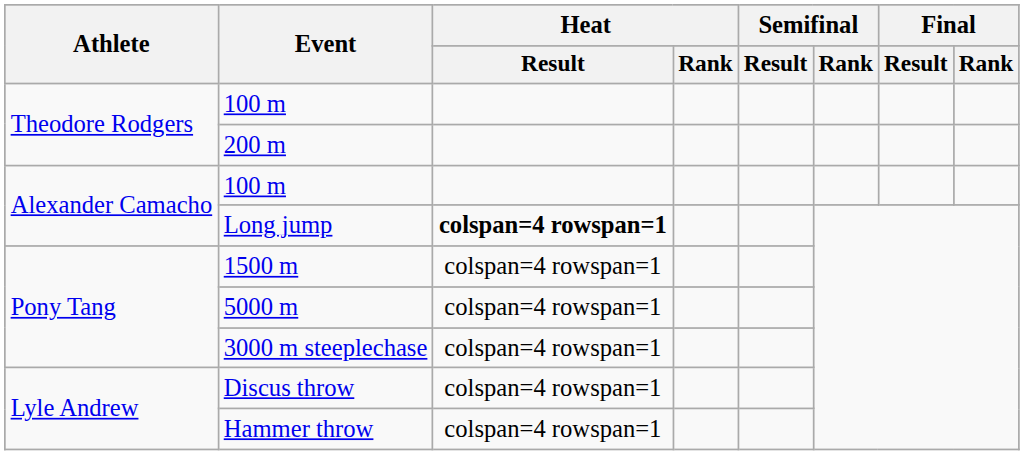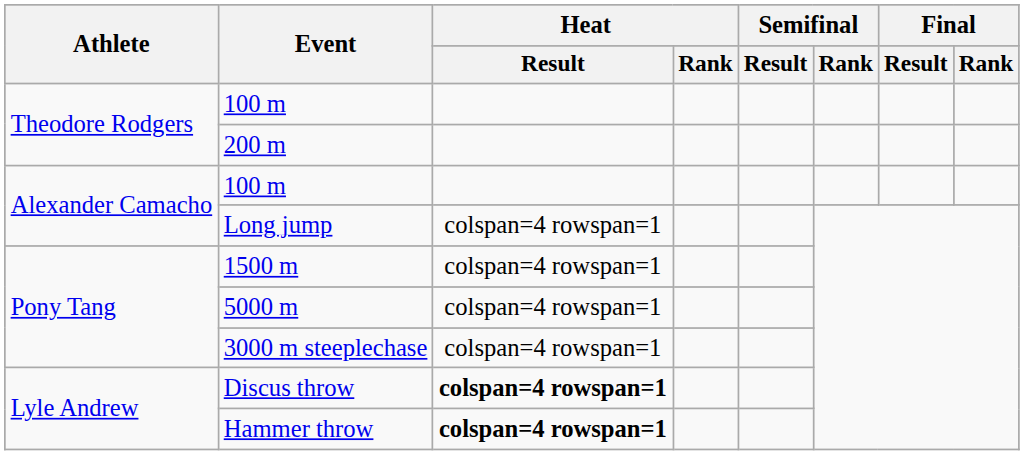 <table class="wikitable" style="font-size:90%">
 <tr>
 <th rowspan="2">Athlete</th>
 <th rowspan="2">Event</th>
 <th colspan="2">Heat</th>
 <th colspan="2">Semifinal</th>
 <th colspan="2">Final</th>
 </tr>
 <tr style="font-size:95%">
 <th>Result</th>
 <th>Rank</th>
 <th>Result</th>
 <th>Rank</th>
 <th>Result</th>
 <th>Rank</th>
 </tr>
 <tr style=text-align:center>
 <td style=text-align:left rowspan=2><a href='#'>Theodore Rodgers</a></td>
 <td style=text-align:left><a href='#'>100 m</a></td>
 <td></td>
 <td></td>
 <td></td>
 <td></td>
 <td></td>
 <td></td>
 </tr>
 <tr style=text-align:center>
 <td style=text-align:left><a href='#'>200 m</a></td>
 <td></td>
 <td></td>
 <td></td>
 <td></td>
 <td></td>
 <td></td>
 </tr>
 <tr style=text-align:center>
 <td style=text-align:left rowspan=2><a href='#'>Alexander Camacho</a></td>
 <td style=text-align:left><a href='#'>100 m</a></td>
 <td></td>
 <td></td>
 <td></td>
 <td></td>
 <td></td>
 <td></td>
 </tr>
 <tr style=text-align:center>
 <td style=text-align:left><a href='#'>Long jump</a></td>
-<td><strong>colspan=4 rowspan=1 </strong></td>
+<td>colspan=4 rowspan=1 </td>
 <td></td>
 <td></td>
 </tr>
 <tr style=text-align:center>
 <td style=text-align:left rowspan=3><a href='#'>Pony Tang</a></td>
 <td style=text-align:left><a href='#'>1500 m</a></td>
 <td>colspan=4 rowspan=1 </td>
 <td></td>
 <td></td>
 </tr>
 <tr style=text-align:center>
 <td style=text-align:left><a href='#'>5000 m</a></td>
 <td>colspan=4 rowspan=1 </td>
 <td></td>
 <td></td>
 </tr>
 <tr style=text-align:center>
 <td style=text-align:left><a href='#'>3000 m steeplechase</a></td>
 <td>colspan=4 rowspan=1 </td>
 <td></td>
 <td></td>
 </tr>
 <tr style=text-align:center>
 <td style=text-align:left rowspan=2><a href='#'>Lyle Andrew</a></td>
 <td style=text-align:left><a href='#'>Discus throw</a></td>
-<td>colspan=4 rowspan=1 </td>
+<td><strong>colspan=4 rowspan=1 </strong></td>
 <td></td>
 <td></td>
 </tr>
 <tr style=text-align:center>
 <td style=text-align:left><a href='#'>Hammer throw</a></td>
-<td>colspan=4 rowspan=1 </td>
+<td><strong>colspan=4 rowspan=1 </strong></td>
 <td></td>
 <td></td>
 </tr>
 </table>
